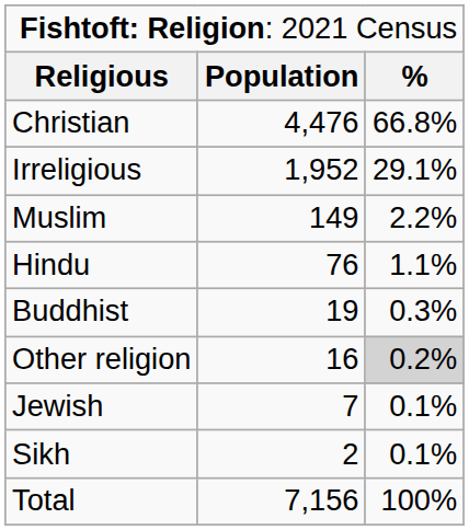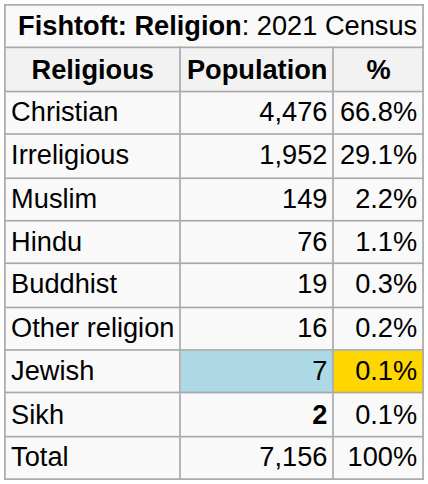 <table class="wikitable">
 <tr>
 <td colspan="14" style="text-align:right;"><strong>Fishtoft: Religion</strong>: 2021 Census</td>
 </tr>
 <tr>
 <th>Religious</th>
 <th>Population</th>
 <th>%</th>
 </tr>
 <tr>
 <td>Christian</td>
 <td style="text-align:right;">4,476</td>
 <td style="text-align:right;">66.8%</td>
 </tr>
 <tr>
 <td>Irreligious</td>
 <td style="text-align:right;">1,952</td>
 <td style="text-align:right;">29.1%</td>
 </tr>
 <tr>
 <td>Muslim</td>
 <td style="text-align:right;">149</td>
 <td style="text-align:right;">2.2%</td>
 </tr>
 <tr>
 <td>Hindu</td>
 <td style="text-align:right;">76</td>
 <td style="text-align:right;">1.1%</td>
 </tr>
 <tr>
 <td>Buddhist</td>
 <td style="text-align:right;">19</td>
 <td style="text-align:right;">0.3%</td>
 </tr>
 <tr>
 <td>Other religion</td>
 <td style="text-align:right;">16</td>
-<td style="background: lightgrey; text-align:right;">0.2%</td>
+<td style="text-align:right;">0.2%</td>
 </tr>
 <tr>
 <td>Jewish</td>
-<td style="text-align:right;">7</td>
-<td style="text-align:right;">0.1%</td>
+<td style="background: lightblue; text-align:right;">7</td>
+<td style="background: gold; text-align:right;">0.1%</td>
 </tr>
 <tr>
 <td>Sikh</td>
-<td style="text-align:right;">2</td>
+<td style="text-align:right;"><strong>2</strong></td>
 <td style="text-align:right;">0.1%</td>
 </tr>
 <tr>
 <td>Total</td>
 <td style="text-align:right;">7,156</td>
 <td style="text-align:right;">100%</td>
 </tr>
 </table>
